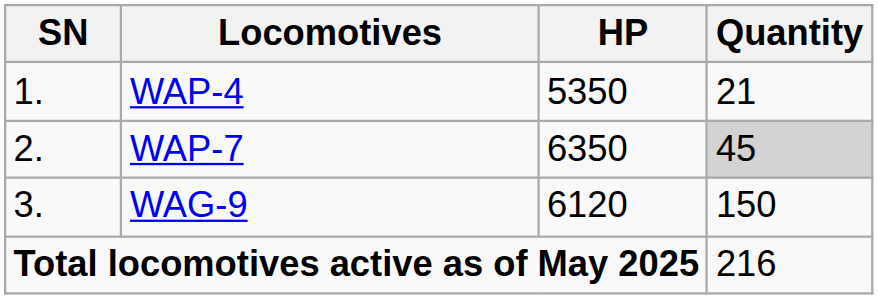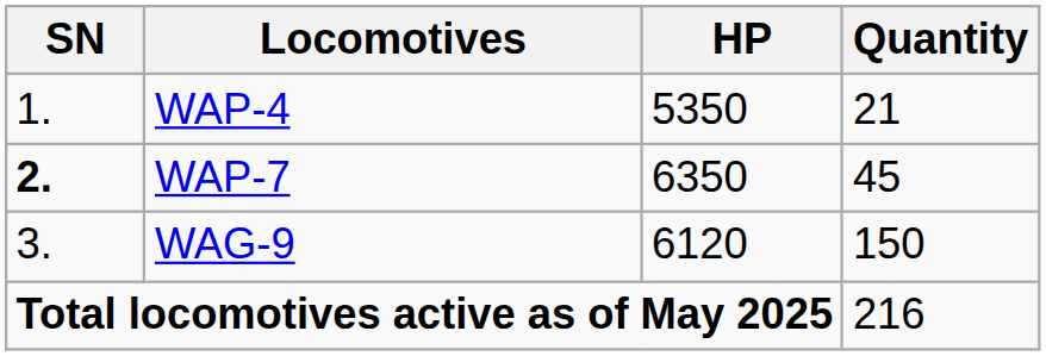 <table class="wikitable">
 <tr>
 <th>SN</th>
 <th>Locomotives</th>
 <th>HP</th>
 <th>Quantity</th>
 </tr>
 <tr>
 <td>1.</td>
 <td><a href='#'>WAP-4</a></td>
 <td>5350</td>
 <td>21</td>
 </tr>
 <tr>
-<td>2.</td>
+<td><strong>2.</strong></td>
 <td><a href='#'>WAP-7</a></td>
 <td>6350</td>
-<td style="background: lightgrey;">45</td>
+<td>45</td>
 </tr>
 <tr>
 <td>3.</td>
 <td><a href='#'>WAG-9</a></td>
 <td>6120</td>
 <td>150</td>
 </tr>
 <tr>
 <td colspan="3"><strong>Total locomotives active as of May 2025</strong></td>
 <td>216</td>
 </tr>
 </table>
